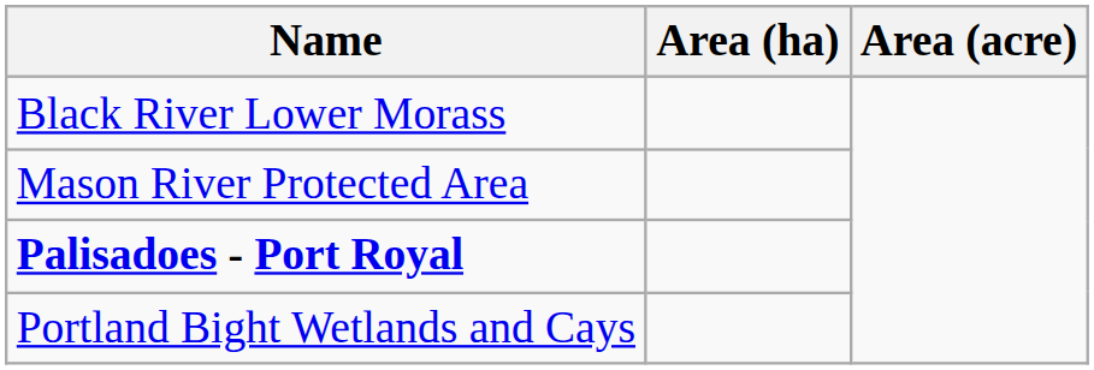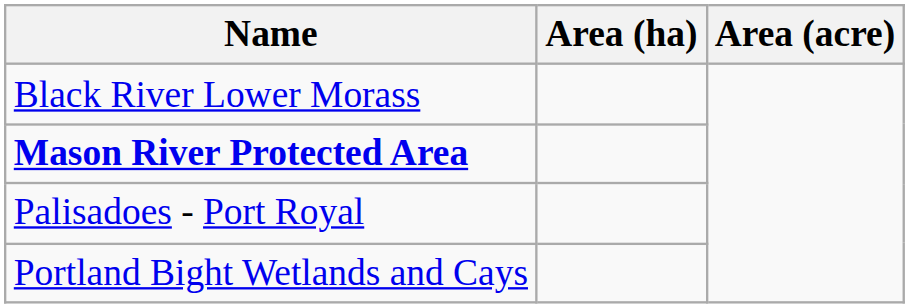 <table class="wikitable sortable">
 <tr>
 <th scope="col" align=left>Name</th>
 <th scope="col">Area (ha)</th>
 <th scope="col">Area (acre)</th>
 </tr>
 <tr ---->
 <td><a href='#'>Black River Lower Morass</a></td>
 <td></td>
 </tr>
 <tr ---->
-<td><a href='#'>Mason River Protected Area</a></td>
+<td><strong><a href='#'>Mason River Protected Area</a></strong></td>
 <td></td>
 </tr>
 <tr ---->
-<td><strong><a href='#'>Palisadoes</a> - <a href='#'>Port Royal</a></strong></td>
+<td><a href='#'>Palisadoes</a> - <a href='#'>Port Royal</a></td>
 <td></td>
 </tr>
 <tr ---->
 <td><a href='#'>Portland Bight Wetlands and Cays</a></td>
 <td></td>
 </tr>
 </table>
